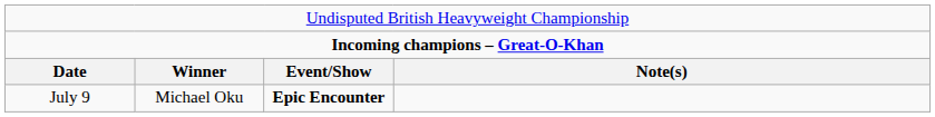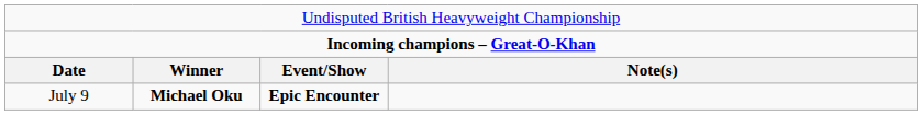 <table class="wikitable" style="text-align:center; width:100%;">
 <tr>
 <td colspan="5" style="text-align: center;"><a href='#'>Undisputed British Heavyweight Championship</a></td>
 </tr>
 <tr>
 <td colspan="5" style="text-align: center;"><strong>Incoming champions – <a href='#'>Great-O-Khan</a></strong></td>
 </tr>
 <tr>
 <th width=14%>Date</th>
 <th width=14%>Winner</th>
 <th width=14%>Event/Show</th>
 <th width=58%>Note(s)</th>
 </tr>
 <tr>
 <td>July 9</td>
-<td>Michael Oku</td>
+<td><strong>Michael Oku</strong></td>
 <td><strong>Epic Encounter</strong></td>
 <td></td>
 </tr>
 </table>
